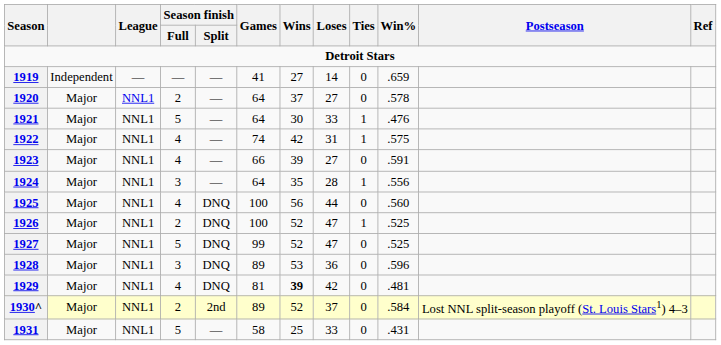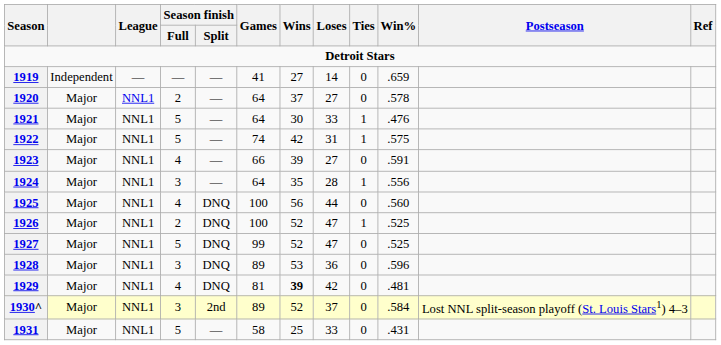 <table class="wikitable sortable" style="text-align:center; font-size:95%">
 <tr>
 <th rowspan="2">Season</th>
 <th rowspan="2"></th>
 <th rowspan="2">League</th>
 <th colspan="2">Season finish</th>
 <th rowspan="2">Games</th>
 <th rowspan="2">Wins</th>
 <th rowspan="2">Loses</th>
 <th rowspan="2">Ties</th>
 <th rowspan="2">Win%</th>
 <th rowspan="2"><a href='#'>Postseason</a></th>
 <th rowspan="2">Ref</th>
 </tr>
 <tr>
 <th>Full</th>
 <th>Split</th>
 </tr>
 <tr>
 <td align="center" colspan="12"><strong>Detroit Stars</strong></td>
 </tr>
 <tr>
 <th><a href='#'>1919</a></th>
 <td>Independent</td>
 <td>—</td>
 <td>—</td>
 <td>—</td>
 <td>41</td>
 <td>27</td>
 <td>14</td>
 <td>0</td>
 <td>.659</td>
 <td></td>
 <td></td>
 </tr>
 <tr>
 <th><a href='#'>1920</a></th>
 <td>Major</td>
 <td><a href='#'>NNL1</a></td>
 <td>2</td>
 <td>—</td>
 <td>64</td>
 <td>37</td>
 <td>27</td>
 <td>0</td>
 <td>.578</td>
 <td></td>
 <td></td>
 </tr>
 <tr>
 <th><a href='#'>1921</a></th>
 <td>Major</td>
 <td>NNL1</td>
 <td>5</td>
 <td>—</td>
 <td>64</td>
 <td>30</td>
 <td>33</td>
 <td>1</td>
 <td>.476</td>
 <td></td>
 <td></td>
 </tr>
 <tr>
 <th><a href='#'>1922</a></th>
 <td>Major</td>
 <td>NNL1</td>
-<td>4</td>
+<td>5</td>
 <td>—</td>
 <td>74</td>
 <td>42</td>
 <td>31</td>
 <td>1</td>
 <td>.575</td>
 <td></td>
 <td></td>
 </tr>
 <tr>
 <th><a href='#'>1923</a></th>
 <td>Major</td>
 <td>NNL1</td>
 <td>4</td>
 <td>—</td>
 <td>66</td>
 <td>39</td>
 <td>27</td>
 <td>0</td>
 <td>.591</td>
 <td></td>
 <td></td>
 </tr>
 <tr>
 <th><a href='#'>1924</a></th>
 <td>Major</td>
 <td>NNL1</td>
 <td>3</td>
 <td>—</td>
 <td>64</td>
 <td>35</td>
 <td>28</td>
 <td>1</td>
 <td>.556</td>
 <td></td>
 <td></td>
 </tr>
 <tr>
 <th><a href='#'>1925</a></th>
 <td>Major</td>
 <td>NNL1</td>
 <td>4</td>
 <td>DNQ</td>
 <td>100</td>
 <td>56</td>
 <td>44</td>
 <td>0</td>
 <td>.560</td>
 <td></td>
 <td></td>
 </tr>
 <tr>
 <th><a href='#'>1926</a></th>
 <td>Major</td>
 <td>NNL1</td>
 <td>2</td>
 <td>DNQ</td>
 <td>100</td>
 <td>52</td>
 <td>47</td>
 <td>1</td>
 <td>.525</td>
 <td></td>
 <td></td>
 </tr>
 <tr>
 <th><a href='#'>1927</a></th>
 <td>Major</td>
 <td>NNL1</td>
 <td>5</td>
 <td>DNQ</td>
 <td>99</td>
 <td>52</td>
 <td>47</td>
 <td>0</td>
 <td>.525</td>
 <td></td>
 <td></td>
 </tr>
 <tr>
 <th><a href='#'>1928</a></th>
 <td>Major</td>
 <td>NNL1</td>
 <td>3</td>
 <td>DNQ</td>
 <td>89</td>
 <td>53</td>
 <td>36</td>
 <td>0</td>
 <td>.596</td>
 <td></td>
 <td></td>
 </tr>
 <tr>
 <th><a href='#'>1929</a></th>
 <td>Major</td>
 <td>NNL1</td>
 <td>4</td>
 <td>DNQ</td>
 <td>81</td>
 <td><strong>39</strong></td>
 <td>42</td>
 <td>0</td>
 <td>.481</td>
 <td></td>
 <td></td>
 </tr>
 <tr bgcolor="#FFFFCC">
 <th><a href='#'>1930</a>^</th>
 <td>Major</td>
 <td>NNL1</td>
-<td>2</td>
+<td>3</td>
 <td>2nd</td>
 <td>89</td>
 <td>52</td>
 <td>37</td>
 <td>0</td>
 <td>.584</td>
 <td>Lost NNL split-season playoff (<a href='#'>St. Louis Stars</a><sup>1</sup>) 4–3</td>
 <td></td>
 </tr>
 <tr>
 <th><a href='#'>1931</a></th>
 <td>Major</td>
 <td>NNL1</td>
 <td>5</td>
 <td>—</td>
 <td>58</td>
 <td>25</td>
 <td>33</td>
 <td>0</td>
 <td>.431</td>
 <td></td>
 <td></td>
 </tr>
 </table>
